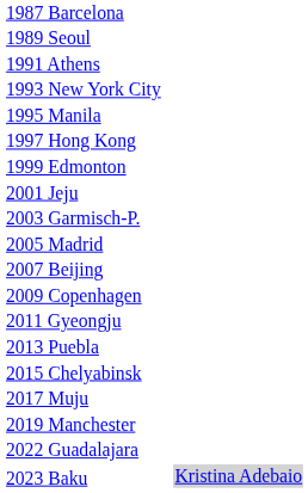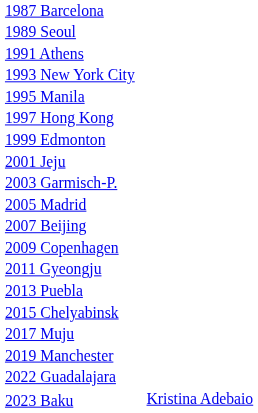 <table>
 <tr>
 <td rowspan=2><a href='#'>1987 Barcelona</a></td>
 <td rowspan=2></td>
 <td rowspan=2></td>
 <td></td>
 </tr>
 <tr>
 <td></td>
 </tr>
 <tr>
 <td rowspan=2><a href='#'>1989 Seoul</a></td>
 <td rowspan=2></td>
 <td rowspan=2></td>
 <td></td>
 </tr>
 <tr>
 <td></td>
 </tr>
 <tr>
 <td rowspan=2><a href='#'>1991 Athens</a></td>
 <td rowspan=2></td>
 <td rowspan=2></td>
 <td></td>
 </tr>
 <tr>
 <td></td>
 </tr>
 <tr>
 <td rowspan=2><a href='#'>1993 New York City</a></td>
 <td rowspan=2></td>
 <td rowspan=2></td>
 <td></td>
 </tr>
 <tr>
 <td></td>
 </tr>
 <tr>
 <td rowspan=2><a href='#'>1995 Manila</a></td>
 <td rowspan=2></td>
 <td rowspan=2></td>
 <td></td>
 </tr>
 <tr>
 <td></td>
 </tr>
 <tr>
 <td rowspan=2><a href='#'>1997 Hong Kong</a></td>
 <td rowspan=2></td>
 <td rowspan=2></td>
 <td></td>
 </tr>
 <tr>
 <td></td>
 </tr>
 <tr>
 <td rowspan=2><a href='#'>1999 Edmonton</a></td>
 <td rowspan=2></td>
 <td rowspan=2></td>
 <td></td>
 </tr>
 <tr>
 <td></td>
 </tr>
 <tr>
 <td rowspan=2><a href='#'>2001 Jeju</a></td>
 <td rowspan=2></td>
 <td rowspan=2></td>
 <td></td>
 </tr>
 <tr>
 <td></td>
 </tr>
 <tr>
 <td rowspan=2><a href='#'>2003 Garmisch-P.</a></td>
 <td rowspan=2></td>
 <td rowspan=2></td>
 <td></td>
 </tr>
 <tr>
 <td></td>
 </tr>
 <tr>
 <td rowspan=2><a href='#'>2005 Madrid</a></td>
 <td rowspan=2></td>
 <td rowspan=2></td>
 <td></td>
 </tr>
 <tr>
 <td></td>
 </tr>
 <tr>
 <td rowspan=2><a href='#'>2007 Beijing</a></td>
 <td rowspan=2></td>
 <td rowspan=2></td>
 <td></td>
 </tr>
 <tr>
 <td></td>
 </tr>
 <tr>
 <td rowspan=2><a href='#'>2009 Copenhagen</a></td>
 <td rowspan=2></td>
 <td rowspan=2></td>
 <td></td>
 </tr>
 <tr>
 <td></td>
 </tr>
 <tr>
 <td rowspan=2><a href='#'>2011 Gyeongju</a></td>
 <td rowspan=2></td>
 <td rowspan=2></td>
 <td></td>
 </tr>
 <tr>
 <td></td>
 </tr>
 <tr>
 <td rowspan=2><a href='#'>2013 Puebla</a></td>
 <td rowspan=2></td>
 <td rowspan=2></td>
 <td></td>
 </tr>
 <tr>
 <td></td>
 </tr>
 <tr>
 <td rowspan=2><a href='#'>2015 Chelyabinsk</a></td>
 <td rowspan=2></td>
 <td rowspan=2></td>
 <td></td>
 </tr>
 <tr>
 <td></td>
 </tr>
 <tr>
 <td rowspan=2><a href='#'>2017 Muju</a></td>
 <td rowspan=2></td>
 <td rowspan=2></td>
 <td></td>
 </tr>
 <tr>
 <td></td>
 </tr>
 <tr>
 <td rowspan=2><a href='#'>2019 Manchester</a></td>
 <td rowspan=2></td>
 <td rowspan=2></td>
 <td></td>
 </tr>
 <tr>
 <td></td>
 </tr>
 <tr>
 <td rowspan=2><a href='#'>2022 Guadalajara</a></td>
 <td rowspan=2></td>
 <td rowspan=2></td>
 <td></td>
 </tr>
 <tr>
 <td></td>
 </tr>
 <tr>
 <td rowspan=2><a href='#'>2023 Baku</a></td>
 <td rowspan=2></td>
 <td rowspan=2></td>
-<td style="background: lightgrey;"> <a href='#'>Kristina Adebaio</a> </td>
+<td> <a href='#'>Kristina Adebaio</a> </td>
 </tr>
 <tr>
 <td></td>
 </tr>
 </table>
